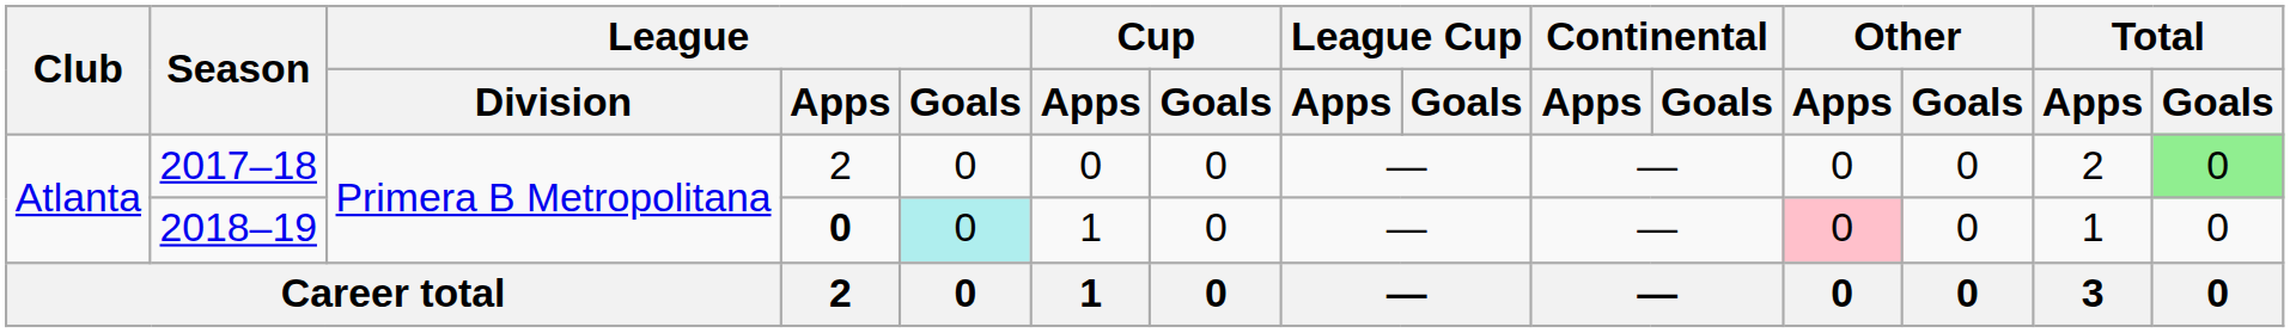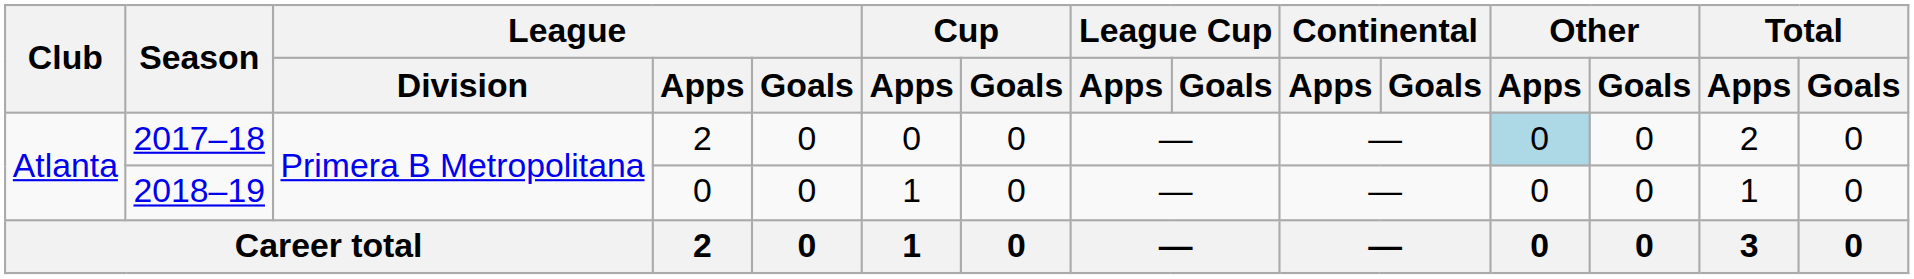 <table class="wikitable" style="text-align:center">
 <tr>
 <th rowspan="2">Club</th>
 <th rowspan="2">Season</th>
 <th colspan="3">League</th>
 <th colspan="2">Cup</th>
 <th colspan="2">League Cup</th>
 <th colspan="2">Continental</th>
 <th colspan="2">Other</th>
 <th colspan="2">Total</th>
 </tr>
 <tr>
 <th>Division</th>
 <th>Apps</th>
 <th>Goals</th>
 <th>Apps</th>
 <th>Goals</th>
 <th>Apps</th>
 <th>Goals</th>
 <th>Apps</th>
 <th>Goals</th>
 <th>Apps</th>
 <th>Goals</th>
 <th>Apps</th>
 <th>Goals</th>
 </tr>
 <tr>
 <td rowspan="2"><a href='#'>Atlanta</a></td>
 <td><a href='#'>2017–18</a></td>
 <td rowspan="2"><a href='#'>Primera B Metropolitana</a></td>
 <td>2</td>
 <td>0</td>
 <td>0</td>
 <td>0</td>
 <td colspan="2">—</td>
 <td colspan="2">—</td>
-<td>0</td>
+<td style="background: lightblue;">0</td>
 <td>0</td>
 <td>2</td>
-<td style="background: lightgreen;">0</td>
+<td>0</td>
 </tr>
 <tr>
 <td><a href='#'>2018–19</a></td>
-<td><strong>0</strong></td>
-<td style="background: paleturquoise;">0</td>
+<td>0</td>
+<td>0</td>
 <td>1</td>
 <td>0</td>
 <td colspan="2">—</td>
 <td colspan="2">—</td>
-<td style="background: pink;">0</td>
+<td>0</td>
 <td>0</td>
 <td>1</td>
 <td>0</td>
 </tr>
 <tr>
 <th colspan="3">Career total</th>
 <th>2</th>
 <th>0</th>
 <th>1</th>
 <th>0</th>
 <th colspan="2">—</th>
 <th colspan="2">—</th>
 <th>0</th>
 <th>0</th>
 <th>3</th>
 <th>0</th>
 </tr>
 </table>
